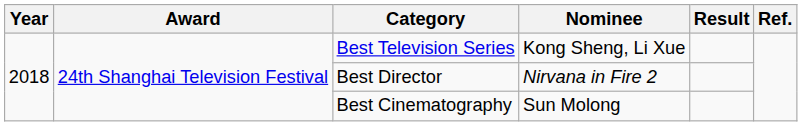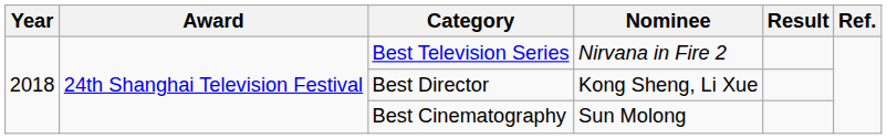 <table class="wikitable">
 <tr>
 <th>Year</th>
 <th>Award</th>
 <th>Category</th>
 <th>Nominee</th>
 <th>Result</th>
 <th>Ref.</th>
 </tr>
 <tr>
 <td rowspan=3>2018</td>
 <td rowspan=3><a href='#'>24th Shanghai Television Festival</a></td>
 <td><a href='#'>Best Television Series</a></td>
-<td>Kong Sheng, Li Xue</td>
+<td><em>Nirvana in Fire 2 </em></td>
 <td></td>
 <td rowspan=3></td>
 </tr>
 <tr>
 <td>Best Director</td>
-<td><em>Nirvana in Fire 2 </em></td>
+<td>Kong Sheng, Li Xue</td>
 <td></td>
 </tr>
 <tr>
 <td>Best Cinematography</td>
 <td>Sun Molong</td>
 <td></td>
 </tr>
 </table>
